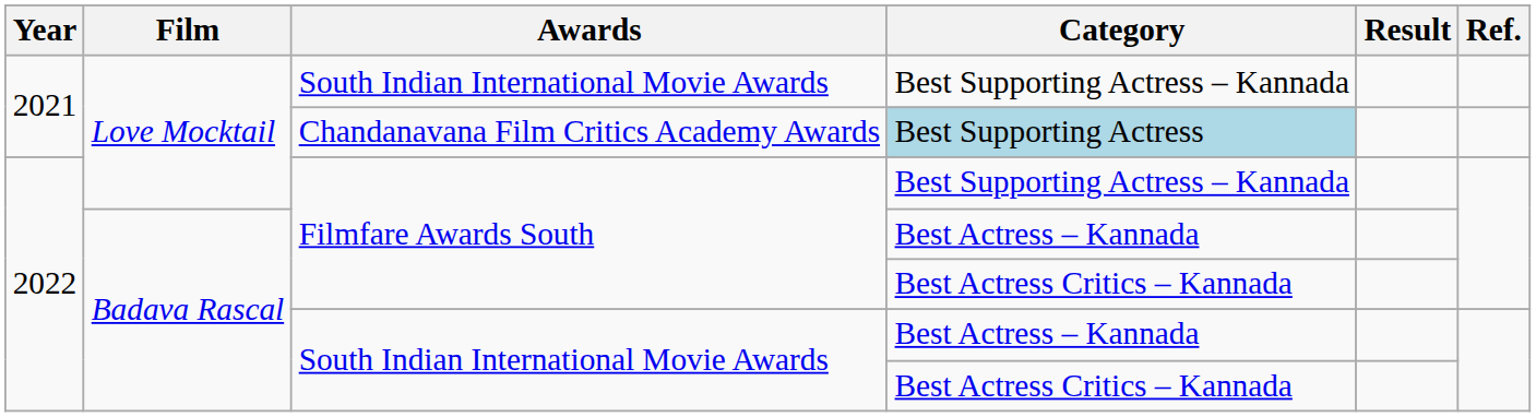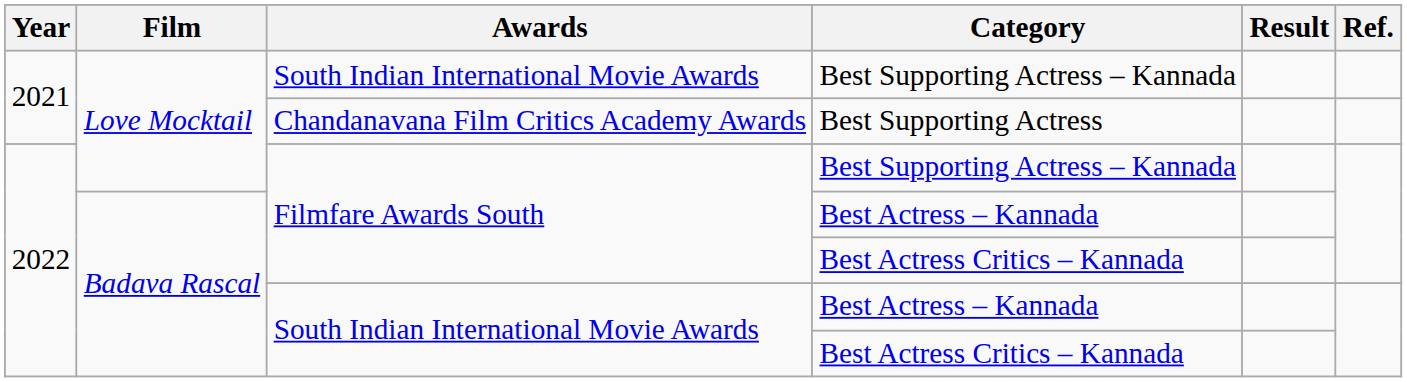 <table class="wikitable">
 <tr>
 <th>Year</th>
 <th>Film</th>
 <th>Awards</th>
 <th>Category</th>
 <th>Result</th>
 <th>Ref.</th>
 </tr>
 <tr>
 <td rowspan=2>2021</td>
 <td rowspan=3><em><a href='#'>Love Mocktail</a></em></td>
 <td><a href='#'>South Indian International Movie Awards</a></td>
 <td>Best Supporting Actress – Kannada</td>
 <td></td>
 <td></td>
 </tr>
 <tr>
 <td><a href='#'>Chandanavana Film Critics Academy Awards</a></td>
-<td style="background: lightblue;">Best Supporting Actress</td>
+<td>Best Supporting Actress</td>
 <td></td>
 <td></td>
 </tr>
 <tr>
 <td rowspan=5>2022</td>
 <td rowspan=3><a href='#'>Filmfare Awards South</a></td>
 <td><a href='#'>Best Supporting Actress – Kannada</a></td>
 <td></td>
 <td rowspan=3></td>
 </tr>
 <tr>
 <td rowspan="4"><em><a href='#'>Badava Rascal</a></em></td>
 <td><a href='#'>Best Actress – Kannada</a></td>
 <td></td>
 </tr>
 <tr>
 <td><a href='#'>Best Actress Critics – Kannada</a></td>
 <td></td>
 </tr>
 <tr>
 <td rowspan="2"><a href='#'>South Indian International Movie Awards</a></td>
 <td><a href='#'>Best Actress – Kannada</a></td>
 <td></td>
 <td rowspan="2"></td>
 </tr>
 <tr>
 <td><a href='#'>Best Actress Critics – Kannada</a></td>
 <td></td>
 </tr>
 </table>
